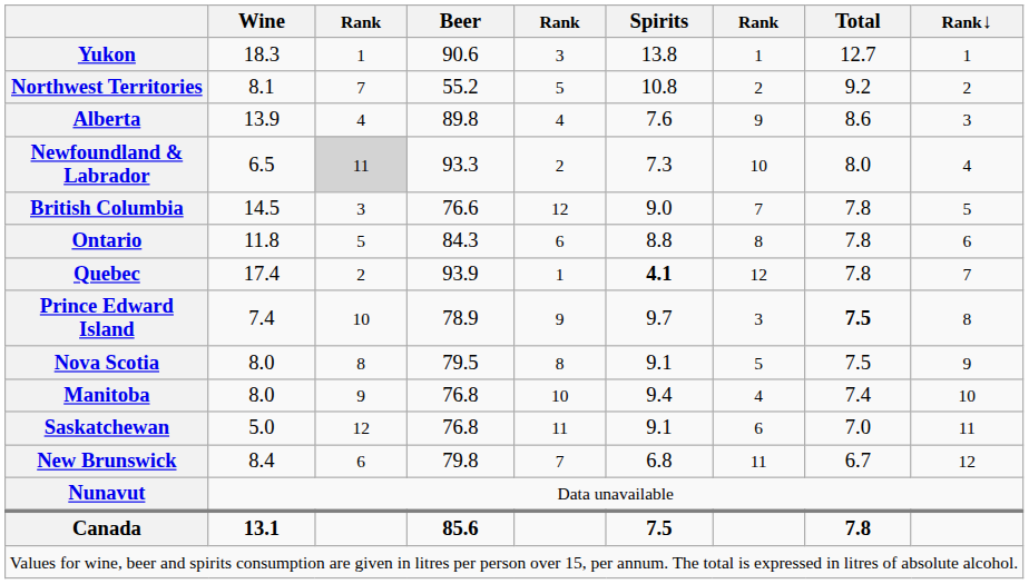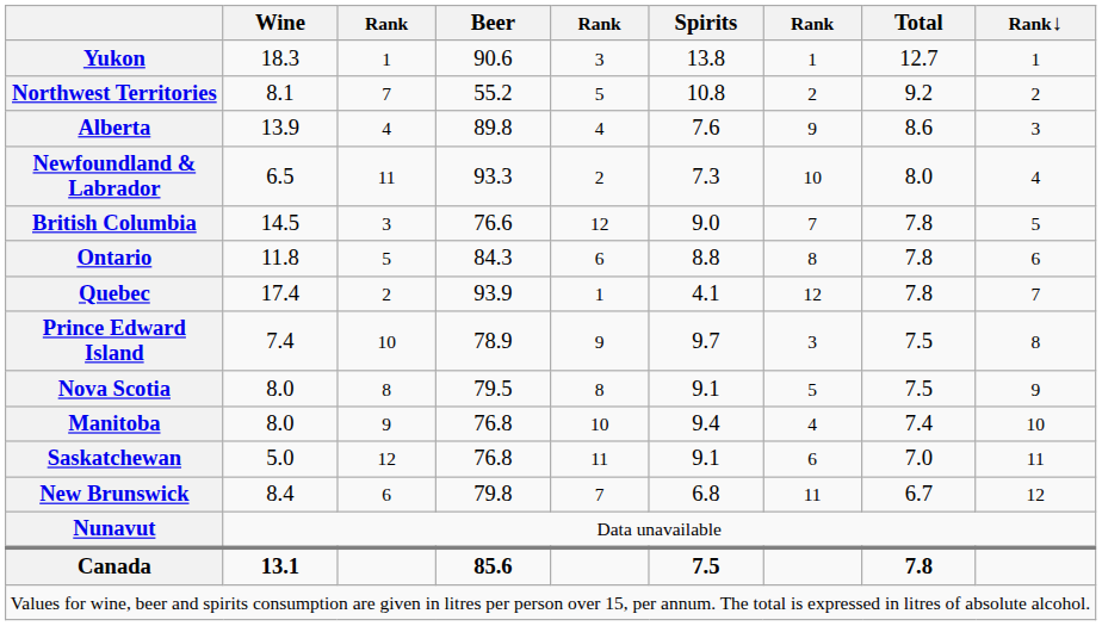 <table class="wikitable sortable" style="text-align:center">
 <tr>
 <th width="150px"></th>
 <th width="75px">Wine</th>
 <th><small>Rank</small></th>
 <th width="75px">Beer</th>
 <th><small>Rank</small></th>
 <th width="75px">Spirits</th>
 <th><small>Rank</small></th>
 <th width="75px"><strong>Total</strong></th>
 <th><small>Rank</small>↓</th>
 </tr>
 <tr>
 <th><a href='#'>Yukon</a></th>
 <td>18.3</td>
 <td><small>1</small></td>
 <td>90.6</td>
 <td><small>3</small></td>
 <td>13.8</td>
 <td><small>1</small></td>
 <td>12.7</td>
 <td><small>1</small></td>
 </tr>
 <tr>
 <th><a href='#'>Northwest Territories</a></th>
 <td>8.1</td>
 <td><small>7</small></td>
 <td>55.2</td>
 <td><small>5</small></td>
 <td>10.8</td>
 <td><small>2</small></td>
 <td>9.2</td>
 <td><small>2</small></td>
 </tr>
 <tr>
 <th><a href='#'>Alberta</a></th>
 <td>13.9</td>
 <td><small>4</small></td>
 <td>89.8</td>
 <td><small>4</small></td>
 <td>7.6</td>
 <td><small>9</small></td>
 <td>8.6</td>
 <td><small>3</small></td>
 </tr>
 <tr>
 <th><a href='#'>Newfoundland & Labrador</a></th>
 <td>6.5</td>
-<td style="background: lightgrey;"><small>11</small></td>
+<td><small>11</small></td>
 <td>93.3</td>
 <td><small>2</small></td>
 <td>7.3</td>
 <td><small>10</small></td>
 <td>8.0</td>
 <td><small>4</small></td>
 </tr>
 <tr>
 <th><a href='#'>British Columbia</a></th>
 <td>14.5</td>
 <td><small>3</small></td>
 <td>76.6</td>
 <td><small>12</small></td>
 <td>9.0</td>
 <td><small>7</small></td>
 <td>7.8</td>
 <td><small>5</small></td>
 </tr>
 <tr>
 <th><a href='#'>Ontario</a></th>
 <td>11.8</td>
 <td><small>5</small></td>
 <td>84.3</td>
 <td><small>6</small></td>
 <td>8.8</td>
 <td><small>8</small></td>
 <td>7.8</td>
 <td><small>6</small></td>
 </tr>
 <tr>
 <th><a href='#'>Quebec</a></th>
 <td>17.4</td>
 <td><small>2</small></td>
 <td>93.9</td>
 <td><small>1</small></td>
-<td><strong>4.1</strong></td>
+<td>4.1</td>
 <td><small>12</small></td>
 <td>7.8</td>
 <td><small>7</small></td>
 </tr>
 <tr>
 <th><a href='#'>Prince Edward Island</a></th>
 <td>7.4</td>
 <td><small>10</small></td>
 <td>78.9</td>
 <td><small>9</small></td>
 <td>9.7</td>
 <td><small>3</small></td>
-<td><strong>7.5</strong></td>
+<td>7.5</td>
 <td><small>8</small></td>
 </tr>
 <tr>
 <th><a href='#'>Nova Scotia</a></th>
 <td>8.0</td>
 <td><small>8</small></td>
 <td>79.5</td>
 <td><small>8</small></td>
 <td>9.1</td>
 <td><small>5</small></td>
 <td>7.5</td>
 <td><small>9</small></td>
 </tr>
 <tr>
 <th><a href='#'>Manitoba</a></th>
 <td>8.0</td>
 <td><small>9</small></td>
 <td>76.8</td>
 <td><small>10</small></td>
 <td>9.4</td>
 <td><small>4</small></td>
 <td>7.4</td>
 <td><small>10</small></td>
 </tr>
 <tr>
 <th><a href='#'>Saskatchewan</a></th>
 <td>5.0</td>
 <td><small>12</small></td>
 <td>76.8</td>
 <td><small>11</small></td>
 <td>9.1</td>
 <td><small>6</small></td>
 <td>7.0</td>
 <td><small>11</small></td>
 </tr>
 <tr>
 <th><a href='#'>New Brunswick</a></th>
 <td>8.4</td>
 <td><small>6</small></td>
 <td>79.8</td>
 <td><small>7</small></td>
 <td>6.8</td>
 <td><small>11</small></td>
 <td>6.7</td>
 <td><small>12</small></td>
 </tr>
 <tr>
 <th><a href='#'>Nunavut</a></th>
 <td colspan=8><small>Data unavailable</small></td>
 </tr>
 <tr style="border-top:3px solid grey;">
 <th>Canada</th>
 <td><strong>13.1</strong></td>
 <td></td>
 <td><strong>85.6</strong></td>
 <td></td>
 <td><strong>7.5</strong></td>
 <td></td>
 <td><strong>7.8</strong></td>
 <td></td>
 </tr>
 <tr>
 <td colspan=9 align=left><small>Values for wine, beer and spirits consumption are given in litres per person over 15, per annum. The total is expressed in litres of absolute alcohol.</small></td>
 </tr>
 </table>
